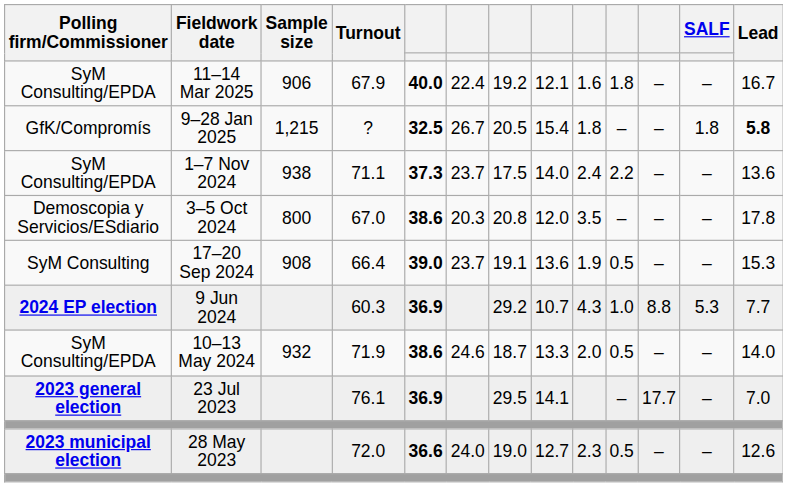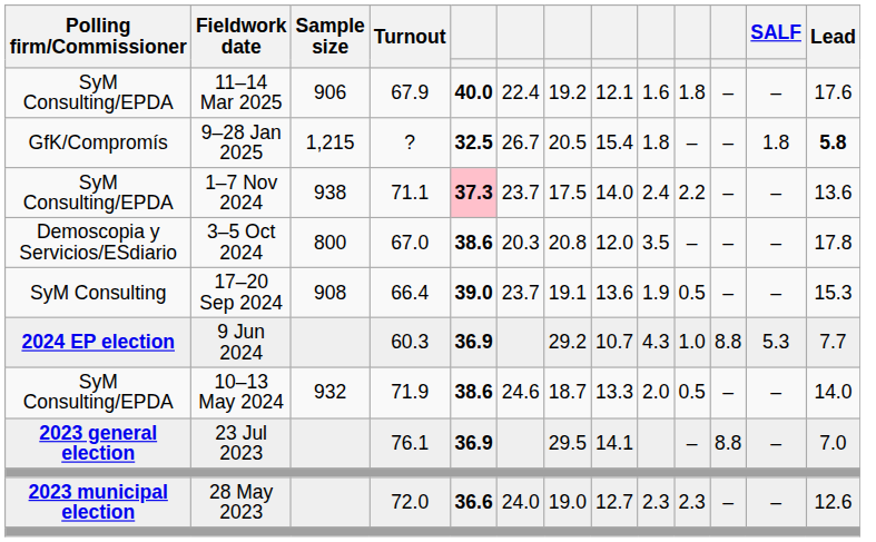 <table class="wikitable collapsible" style="text-align:center; font-size:95%; line-height:16px;">
 <tr style="height:42px;">
 <th style="width:250px;" rowspan="2">Polling firm/Commissioner</th>
 <th style="width:125px;" rowspan="2">Fieldwork date</th>
 <th style="width:50px;" rowspan="2">Sample size</th>
 <th style="width:45px;" rowspan="2">Turnout</th>
 <th style="width:35px;"></th>
 <th style="width:35px;"></th>
 <th style="width:35px;"></th>
 <th style="width:35px;"></th>
 <th style="width:35px;"></th>
 <th style="width:35px;"></th>
 <th style="width:35px;"></th>
 <th style="width:35px;"><a href='#'>SALF</a></th>
 <th style="width:30px;" rowspan="2">Lead</th>
 </tr>
 <tr>
 <th style="color:inherit;background:"></th>
 <th style="color:inherit;background:"></th>
 <th style="color:inherit;background:"></th>
 <th style="color:inherit;background:"></th>
 <th style="color:inherit;background:"></th>
 <th style="color:inherit;background:"></th>
 <th style="color:inherit;background:"></th>
 <th style="color:inherit;background:"></th>
 </tr>
 <tr>
 <td>SyM Consulting/EPDA</td>
 <td>11–14 Mar 2025</td>
 <td>906</td>
 <td>67.9</td>
 <td><strong>40.0</strong><br></td>
 <td>22.4<br></td>
 <td>19.2<br></td>
 <td>12.1<br></td>
 <td>1.6<br></td>
 <td>1.8<br></td>
 <td>–</td>
 <td>–</td>
-<td style="background:">16.7</td>
+<td style="background:">17.6</td>
 </tr>
 <tr>
 <td>GfK/Compromís</td>
 <td>9–28 Jan 2025</td>
 <td>1,215</td>
 <td>?</td>
 <td><strong>32.5</strong><br></td>
 <td>26.7<br></td>
 <td>20.5<br></td>
 <td>15.4<br></td>
 <td>1.8<br></td>
 <td>–</td>
 <td>–</td>
 <td>1.8<br></td>
 <td style="background:"><strong>5.8</strong></td>
 </tr>
 <tr>
 <td>SyM Consulting/EPDA</td>
 <td>1–7 Nov 2024</td>
 <td>938</td>
 <td>71.1</td>
-<td><strong>37.3</strong><br></td>
+<td style="background: pink;"><strong>37.3</strong><br></td>
 <td>23.7<br></td>
 <td>17.5<br></td>
 <td>14.0<br></td>
 <td>2.4<br></td>
 <td>2.2<br></td>
 <td>–</td>
 <td>–</td>
 <td style="background:">13.6</td>
 </tr>
 <tr>
 <td>Demoscopia y Servicios/ESdiario</td>
 <td>3–5 Oct 2024</td>
 <td>800</td>
 <td>67.0</td>
 <td><strong>38.6</strong><br></td>
 <td>20.3<br></td>
 <td>20.8<br></td>
 <td>12.0<br></td>
 <td>3.5<br></td>
 <td>–</td>
 <td>–</td>
 <td>–</td>
 <td style="background:">17.8</td>
 </tr>
 <tr>
 <td>SyM Consulting</td>
 <td>17–20 Sep 2024</td>
 <td>908</td>
 <td>66.4</td>
 <td><strong>39.0</strong><br></td>
 <td>23.7<br></td>
 <td>19.1<br></td>
 <td>13.6<br></td>
 <td>1.9<br></td>
 <td>0.5<br></td>
 <td>–</td>
 <td>–</td>
 <td style="background:">15.3</td>
 </tr>
 <tr style="background:#EFEFEF;">
 <td><strong><a href='#'>2024 EP election</a></strong></td>
 <td>9 Jun 2024</td>
 <td></td>
 <td>60.3</td>
 <td><strong>36.9</strong><br></td>
 <td></td>
 <td>29.2<br></td>
 <td>10.7<br></td>
 <td>4.3<br></td>
 <td>1.0<br></td>
 <td>8.8<br></td>
 <td>5.3<br></td>
 <td style="background:">7.7</td>
 </tr>
 <tr>
 <td>SyM Consulting/EPDA</td>
 <td>10–13 May 2024</td>
 <td>932</td>
 <td>71.9</td>
 <td><strong>38.6</strong><br></td>
 <td>24.6<br></td>
 <td>18.7<br></td>
 <td>13.3<br></td>
 <td>2.0<br></td>
 <td>0.5<br></td>
 <td>–</td>
 <td>–</td>
 <td style="background:">14.0</td>
 </tr>
 <tr style="background:#EFEFEF;">
 <td><strong><a href='#'>2023 general election</a></strong></td>
 <td>23 Jul 2023</td>
 <td></td>
 <td>76.1</td>
 <td><strong>36.9</strong><br></td>
 <td></td>
 <td>29.5<br></td>
 <td>14.1<br></td>
 <td></td>
 <td>–</td>
-<td>17.7<br></td>
+<td>8.8<br></td>
 <td>–</td>
 <td style="background:">7.0</td>
 </tr>
 <tr>
 <td colspan="13" style="background:#A0A0A0"></td>
 </tr>
 <tr style="background:#EFEFEF;">
 <td><strong><a href='#'>2023 municipal election</a></strong></td>
 <td>28 May 2023</td>
 <td></td>
 <td>72.0</td>
 <td><strong>36.6</strong><br></td>
 <td>24.0<br></td>
 <td>19.0<br></td>
 <td>12.7<br></td>
 <td>2.3<br></td>
-<td>0.5<br></td>
+<td>2.3<br></td>
 <td>–</td>
 <td>–</td>
 <td style="background:">12.6</td>
 </tr>
 <tr>
 <td colspan="13" style="background:#A0A0A0"></td>
 </tr>
 </table>
